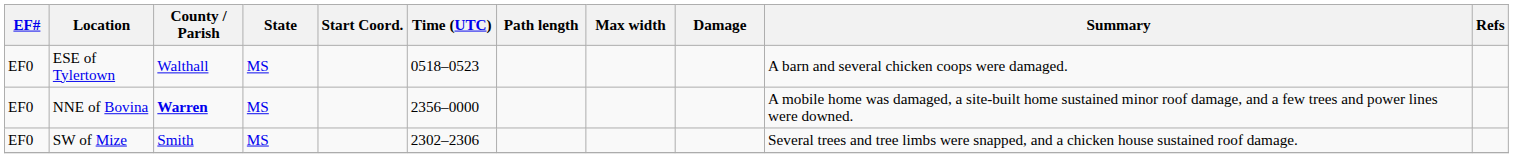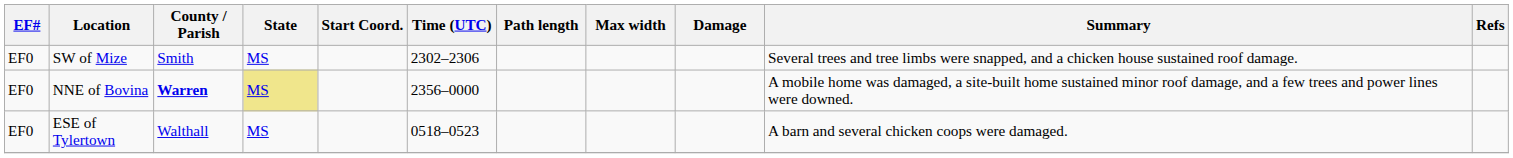 <table class="wikitable sortable" style="width:100%;">
 <tr>
 <th scope="col" width="3%" align="center"><a href='#'>EF#</a></th>
 <th scope="col" width="7%" align="center" class="unsortable">Location</th>
 <th scope="col" width="6%" align="center" class="unsortable">County / Parish</th>
 <th scope="col" width="5%" align="center">State</th>
 <th scope="col" width="6%" align="center">Start Coord.</th>
 <th scope="col" width="6%" align="center">Time (<a href='#'>UTC</a>)</th>
 <th scope="col" width="6%" align="center">Path length</th>
 <th scope="col" width="6%" align="center">Max width</th>
 <th scope="col" width="6%" align="center">Damage</th>
 <th scope="col" width="48%" class="unsortable" align="center">Summary</th>
 <th scope="col" width="48%" class="unsortable" align="center">Refs</th>
 </tr>
 <tr>
 <td>EF0</td>
+<td>SW of <a href='#'>Mize</a></td>
+<td><a href='#'>Smith</a></td>
+<td><a href='#'>MS</a></td>
+<td></td>
+<td>2302–2306</td>
+<td></td>
+<td></td>
+<td></td>
+<td>Several trees and tree limbs were snapped, and a chicken house sustained roof damage.</td>
+<td></td>
+</tr>
+<tr>
+<td>EF0</td>
+<td>NNE of <a href='#'>Bovina</a></td>
+<td><strong><a href='#'>Warren</a></strong></td>
+<td style="background: khaki;"><a href='#'>MS</a></td>
+<td></td>
+<td>2356–0000</td>
+<td></td>
+<td></td>
+<td></td>
+<td>A mobile home was damaged, a site-built home sustained minor roof damage, and a few trees and power lines were downed.</td>
+<td></td>
+</tr>
+<tr>
+<td>EF0</td>
 <td>ESE of <a href='#'>Tylertown</a></td>
 <td><a href='#'>Walthall</a></td>
 <td><a href='#'>MS</a></td>
 <td></td>
 <td>0518–0523</td>
 <td></td>
 <td></td>
 <td></td>
 <td>A barn and several chicken coops were damaged.</td>
 <td></td>
 </tr>
 <tr>
-<td>EF0</td>
-<td>NNE of <a href='#'>Bovina</a></td>
-<td><strong><a href='#'>Warren</a></strong></td>
-<td><a href='#'>MS</a></td>
-<td></td>
-<td>2356–0000</td>
-<td></td>
-<td></td>
-<td></td>
-<td>A mobile home was damaged, a site-built home sustained minor roof damage, and a few trees and power lines were downed.</td>
-<td></td>
-</tr>
-<tr>
-<td>EF0</td>
-<td>SW of <a href='#'>Mize</a></td>
-<td><a href='#'>Smith</a></td>
-<td><a href='#'>MS</a></td>
-<td></td>
-<td>2302–2306</td>
-<td></td>
-<td></td>
-<td></td>
-<td>Several trees and tree limbs were snapped, and a chicken house sustained roof damage.</td>
-<td></td>
-</tr>
-<tr>
 </tr>
 </table>
